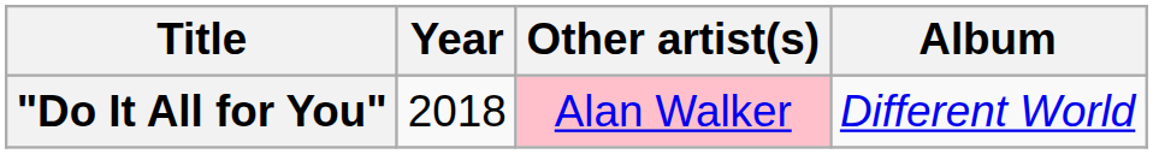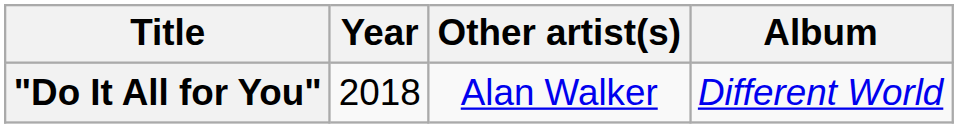 <table class="wikitable plainrowheaders" style="text-align:center;">
 <tr>
 <th scope="col">Title</th>
 <th scope="col">Year</th>
 <th scope="col">Other artist(s)</th>
 <th scope="col">Album</th>
 </tr>
 <tr>
 <th scope="row">"Do It All for You"</th>
 <td>2018</td>
-<td style="background: pink;"><a href='#'>Alan Walker</a></td>
+<td><a href='#'>Alan Walker</a></td>
 <td><em><a href='#'>Different World</a></em></td>
 </tr>
 </table>
